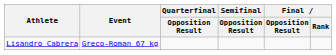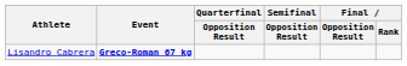 <table class=wikitable style=font-size:90%;text-align:center>
 <tr>
 <th rowspan=2>Athlete</th>
 <th rowspan=2>Event</th>
 <th>Quarterfinal</th>
 <th>Semifinal</th>
 <th colspan=2>Final / </th>
 </tr>
 <tr style=font-size:95%>
 <th>Opposition<br>Result</th>
 <th>Opposition<br>Result</th>
 <th>Opposition<br>Result</th>
 <th>Rank</th>
 </tr>
 <tr>
 <td align=left><a href='#'>Lisandro Cabrera</a></td>
-<td align=left><a href='#'>Greco-Roman 67 kg</a></td>
+<td align=left><strong><a href='#'>Greco-Roman 67 kg</a></strong></td>
 <td></td>
 <td></td>
 <td></td>
 <td></td>
 </tr>
 </table>
